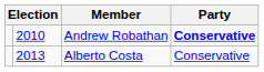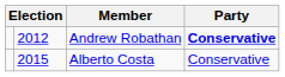 <table class="wikitable">
 <tr>
 <th colspan="2">Election</th>
 <th>Member</th>
 <th>Party</th>
 </tr>
 <tr>
 <td style="color:inherit;background-color: "></td>
-<td><a href='#'>2010</a></td>
+<td><a href='#'>2012</a></td>
 <td><a href='#'>Andrew Robathan</a></td>
 <td><strong><a href='#'>Conservative</a></strong></td>
 </tr>
 <tr>
 <td style="color:inherit;background-color: "></td>
-<td><a href='#'>2013</a></td>
+<td><a href='#'>2015</a></td>
 <td><a href='#'>Alberto Costa</a></td>
 <td><a href='#'>Conservative</a></td>
 </tr>
 </table>
